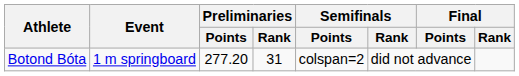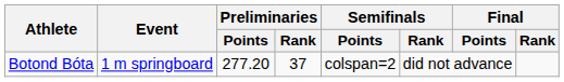 <table class=wikitable style="font-size:90%;">
 <tr>
 <th rowspan="2">Athlete</th>
 <th rowspan="2">Event</th>
 <th colspan="2">Preliminaries</th>
 <th colspan="2">Semifinals</th>
 <th colspan="2">Final</th>
 </tr>
 <tr style="font-size:95%">
 <th>Points</th>
 <th>Rank</th>
 <th>Points</th>
 <th>Rank</th>
 <th>Points</th>
 <th>Rank</th>
 </tr>
 <tr align=center>
 <td align=left><a href='#'>Botond Bóta</a></td>
 <td align=left><a href='#'>1 m springboard</a></td>
 <td>277.20</td>
-<td>31</td>
+<td>37</td>
 <td>colspan=2 </td>
 <td colspan=2>did not advance</td>
 </tr>
 </table>
